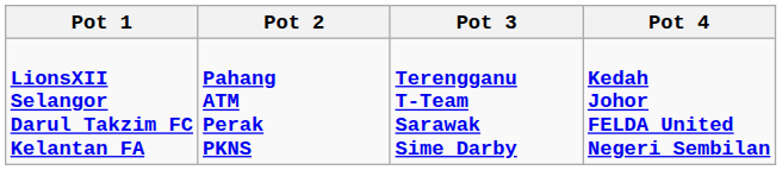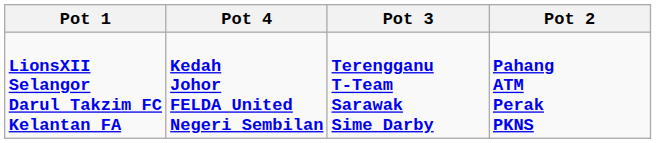 <table class=wikitable>
 <tr>
 <th width=25%>Pot 1</th>
+<th width=25%>Pot 4</th>
+<th width=25%>Pot 3</th>
 <th width=25%>Pot 2</th>
-<th width=25%>Pot 3</th>
-<th width=25%>Pot 4</th>
 </tr>
 <tr valign=top>
 <td><br> <strong><a href='#'>LionsXII</a></strong><br>  <strong><a href='#'>Selangor</a></strong><br>  <strong><a href='#'>Darul Takzim FC</a></strong><br>  <strong><a href='#'>Kelantan FA</a></strong><br></td>
+<td><br> <strong><a href='#'>Kedah</a></strong><br>  <strong><a href='#'>Johor</a></strong><br>   <strong><a href='#'>FELDA United</a></strong><br>  <strong><a href='#'>Negeri Sembilan</a></strong><br></td>
+<td><br> <strong><a href='#'>Terengganu</a></strong><br>  <strong><a href='#'>T-Team</a></strong><br>  <strong><a href='#'>Sarawak</a></strong><br>  <strong><a href='#'>Sime Darby</a></strong><br></td>
 <td><br> <strong><a href='#'>Pahang</a></strong><br>  <strong><a href='#'>ATM</a></strong><br>  <strong><a href='#'>Perak</a></strong><br>  <strong><a href='#'>PKNS</a></strong><br></td>
-<td><br> <strong><a href='#'>Terengganu</a></strong><br>  <strong><a href='#'>T-Team</a></strong><br>  <strong><a href='#'>Sarawak</a></strong><br>  <strong><a href='#'>Sime Darby</a></strong><br></td>
-<td><br> <strong><a href='#'>Kedah</a></strong><br>  <strong><a href='#'>Johor</a></strong><br>   <strong><a href='#'>FELDA United</a></strong><br>  <strong><a href='#'>Negeri Sembilan</a></strong><br></td>
 </tr>
 </table>
